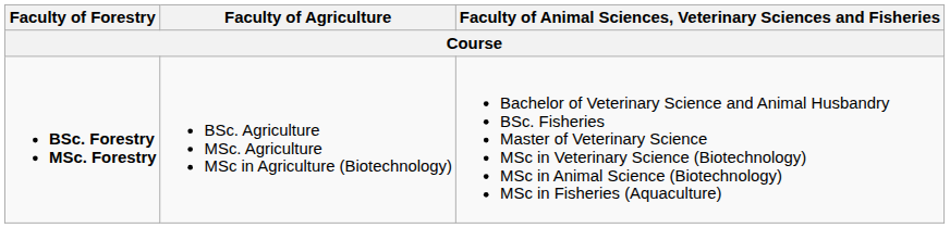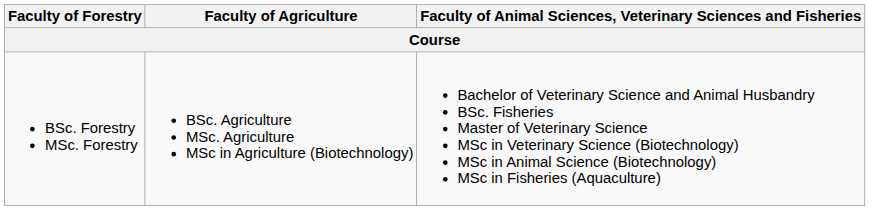 <table class="wikitable">
 <tr>
 <th>Faculty of Forestry</th>
 <th>Faculty of Agriculture</th>
 <th>Faculty of Animal Sciences, Veterinary Sciences and Fisheries</th>
 </tr>
 <tr>
 <th colspan="3">Course</th>
 </tr>
 <tr>
-<td><strong><br><ul><li>BSc. Forestry</li><li>MSc. Forestry</li></ul></strong></td>
+<td><br><ul><li>BSc. Forestry</li><li>MSc. Forestry</li></ul></td>
 <td><br><ul><li>BSc. Agriculture</li><li>MSc. Agriculture</li><li>MSc in Agriculture (Biotechnology)</li></ul></td>
 <td><br><ul><li>Bachelor of Veterinary Science and Animal Husbandry</li><li>BSc. Fisheries</li><li>Master of Veterinary Science</li><li>MSc in Veterinary Science (Biotechnology)</li><li>MSc in Animal Science (Biotechnology)</li><li>MSc in Fisheries (Aquaculture)</li></ul></td>
 </tr>
 </table>
